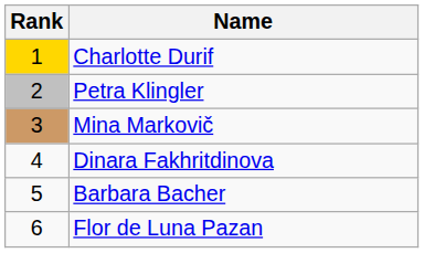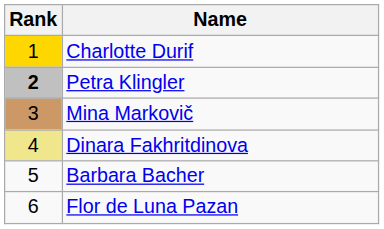 <table class="wikitable">
 <tr>
 <th>Rank</th>
 <th width = "250">Name</th>
 </tr>
 <tr>
 <td align="center" style="background: gold">1</td>
 <td> <a href='#'>Charlotte Durif</a></td>
 </tr>
 <tr>
-<td align="center" style="background: silver">2</td>
+<td align="center" style="background: silver"><strong>2</strong></td>
 <td> <a href='#'>Petra Klingler</a></td>
 </tr>
 <tr>
 <td align="center" style="background: #cc9966">3</td>
 <td> <a href='#'>Mina Markovič</a></td>
 </tr>
 <tr>
-<td align="center">4</td>
+<td align="center" style="background: khaki;">4</td>
 <td> <a href='#'>Dinara Fakhritdinova</a></td>
 </tr>
 <tr>
 <td align="center">5</td>
 <td> <a href='#'>Barbara Bacher</a></td>
 </tr>
 <tr>
 <td align="center">6</td>
 <td> <a href='#'>Flor de Luna Pazan</a></td>
 </tr>
 </table>
